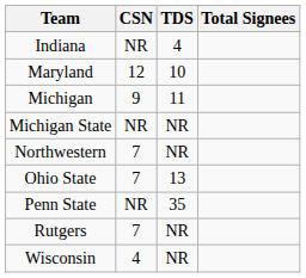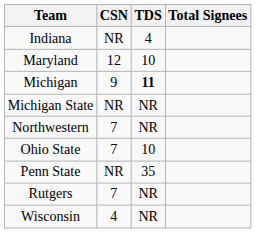 <table class="wikitable sortable">
 <tr>
 <th>Team</th>
 <th>CSN</th>
 <th>TDS</th>
 <th>Total Signees</th>
 </tr>
 <tr align=center>
 <td>Indiana</td>
 <td>NR</td>
 <td>4</td>
 <td></td>
 </tr>
 <tr align=center>
 <td>Maryland</td>
 <td>12</td>
 <td>10</td>
 <td></td>
 </tr>
 <tr align=center>
 <td>Michigan</td>
 <td>9</td>
-<td>11</td>
+<td><strong>11</strong></td>
 <td></td>
 </tr>
 <tr align=center>
 <td>Michigan State</td>
 <td>NR</td>
 <td>NR</td>
 <td></td>
 </tr>
 <tr align=center>
 <td>Northwestern</td>
 <td>7</td>
 <td>NR</td>
 <td></td>
 </tr>
 <tr align=center>
 <td>Ohio State</td>
 <td>7</td>
-<td>13</td>
+<td>10</td>
 <td></td>
 </tr>
 <tr align=center>
 <td>Penn State</td>
 <td>NR</td>
 <td>35</td>
 <td></td>
 </tr>
 <tr align=center>
 <td>Rutgers</td>
 <td>7</td>
 <td>NR</td>
 <td></td>
 </tr>
 <tr align=center>
 <td>Wisconsin</td>
 <td>4</td>
 <td>NR</td>
 <td></td>
 </tr>
 </table>
